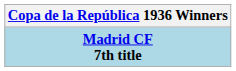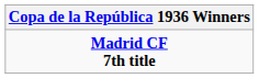 <table class="wikitable" style="text-align: center; margin: 0 auto;">
 <tr>
 <th><a href='#'>Copa de la República</a> 1936 Winners</th>
 </tr>
 <tr>
-<td style="background: lightblue;"><strong><a href='#'>Madrid CF</a></strong><br><strong>7th title</strong></td>
+<td><strong><a href='#'>Madrid CF</a></strong><br><strong>7th title</strong></td>
 </tr>
 </table>
